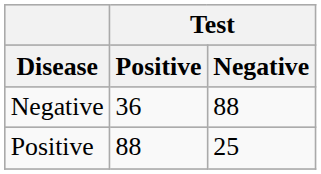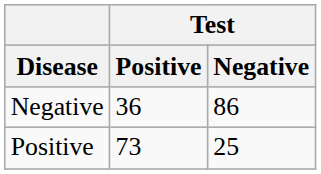 <table class="wikitable">
 <tr>
 <th></th>
 <th colspan="2">Test</th>
 </tr>
 <tr>
 <th>Disease</th>
 <th>Positive</th>
 <th>Negative</th>
 </tr>
 <tr>
 <td>Negative</td>
 <td>36</td>
-<td>88</td>
+<td>86</td>
 </tr>
 <tr>
 <td>Positive</td>
-<td>88</td>
+<td>73</td>
 <td>25</td>
 </tr>
 </table>
